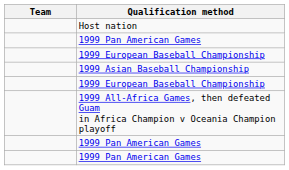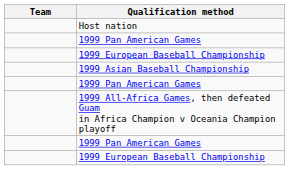 <table class="wikitable">
 <tr>
 <th width=100px>Team</th>
 <th width=300px>Qualification method</th>
 </tr>
 <tr>
 <td align=center></td>
 <td>Host nation</td>
 </tr>
 <tr>
 <td align=center></td>
 <td> <a href='#'>1999 Pan American Games</a></td>
 </tr>
 <tr>
 <td align=center></td>
 <td> <a href='#'>1999 European Baseball Championship</a></td>
 </tr>
 <tr>
 <td align=center></td>
 <td> <a href='#'>1999 Asian Baseball Championship</a></td>
 </tr>
 <tr>
 <td align=center></td>
-<td> <a href='#'>1999 European Baseball Championship</a></td>
+<td> <a href='#'>1999 Pan American Games</a></td>
 </tr>
 <tr>
 <td align=center></td>
 <td> <a href='#'>1999 All-Africa Games</a>, then defeated <a href='#'>Guam</a><br>in Africa Champion v Oceania Champion playoff</td>
 </tr>
 <tr>
 <td align=center></td>
 <td> <a href='#'>1999 Pan American Games</a></td>
 </tr>
 <tr>
 <td align=center></td>
-<td> <a href='#'>1999 Pan American Games</a></td>
+<td> <a href='#'>1999 European Baseball Championship</a></td>
 </tr>
 </table>
